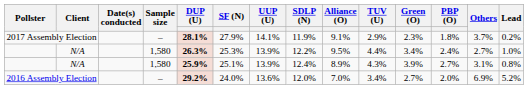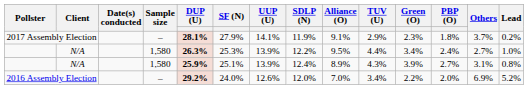 <table class="wikitable sortable mw-datatable" style="text-align:center;font-size:90%;line-height:14px;">
 <tr>
 <th rowspan="2">Pollster</th>
 <th rowspan="2">Client</th>
 <th rowspan="2">Date(s)<br>conducted</th>
 <th rowspan="2">Sample<br>size</th>
 <th style="width:50px;" class="unsortable"><a href='#'>DUP</a> (U)</th>
 <th style="width:50px;" class="unsortable"><a href='#'>SF</a> (N)</th>
 <th style="width:50px;" class="unsortable"><a href='#'>UUP</a> (U)</th>
 <th style="width:50px;" class="unsortable"><a href='#'>SDLP</a> (N)</th>
 <th style="width:50px;" class="unsortable"><a href='#'>Alliance</a> (O)</th>
 <th style="width:50px;" class="unsortable"><a href='#'>TUV</a> (U)</th>
 <th style="width:50px;" class="unsortable"><a href='#'>Green</a> (O)</th>
 <th style="width:50px;" class="unsortable"><a href='#'>PBP</a> (O)</th>
 <th rowspan="2" class="unsortable" width:75px><a href='#'>Others</a></th>
 <th rowspan="2">Lead</th>
 </tr>
 <tr>
 <th data-sort-type="number" style="background:"></th>
 <th data-sort-type="number" style="background:"></th>
 <th data-sort-type="number" style="background:"></th>
 <th data-sort-type="number" style="background:"></th>
 <th data-sort-type="number" style="background:"></th>
 <th data-sort-type="number" style="background:"></th>
 <th data-sort-type="number" style="background:"></th>
 <th data-sort-type="number" style="background:"></th>
 </tr>
 <tr>
 <td colspan="2">2017 Assembly Election</td>
 <td></td>
 <td>–</td>
 <td style="background:#F5DDD6;"><strong>28.1%</strong></td>
 <td>27.9%</td>
 <td>14.1%</td>
 <td>11.9%</td>
 <td>9.1%</td>
 <td>2.9%</td>
 <td>2.3%</td>
 <td>1.8%</td>
 <td>3.7%</td>
 <td style="background:">0.2%</td>
 </tr>
 <tr>
 <td></td>
 <td><em>N/A</em></td>
 <td></td>
 <td>1,580</td>
 <td style="background:#F5DDD6;"><strong>26.3%</strong></td>
 <td>25.3%</td>
 <td>13.9%</td>
 <td>12.2%</td>
 <td>9.5%</td>
 <td>4.4%</td>
 <td>3.4%</td>
 <td>2.4%</td>
 <td>2.7%</td>
 <td style="background:">1.0%</td>
 </tr>
 <tr>
 <td></td>
 <td><em>N/A</em></td>
 <td></td>
 <td>1,580</td>
 <td style="background:#F5DDD6;"><strong>25.9%</strong></td>
 <td>25.1%</td>
 <td>13.9%</td>
 <td>12.4%</td>
 <td>8.9%</td>
 <td>4.3%</td>
 <td>3.9%</td>
 <td>2.7%</td>
 <td>3.1%</td>
 <td style="background:">0.8%</td>
 </tr>
 <tr>
 <td colspan="2"><a href='#'>2016 Assembly Election</a></td>
 <td></td>
 <td>–</td>
 <td style="background:#F5DDD6;"><strong>29.2%</strong></td>
 <td>24.0%</td>
-<td>13.6%</td>
+<td>12.6%</td>
 <td>12.0%</td>
 <td>7.0%</td>
 <td>3.4%</td>
-<td>2.7%</td>
+<td>2.2%</td>
 <td>2.0%</td>
 <td>6.9%</td>
 <td style="background:">5.2%</td>
 </tr>
 </table>
